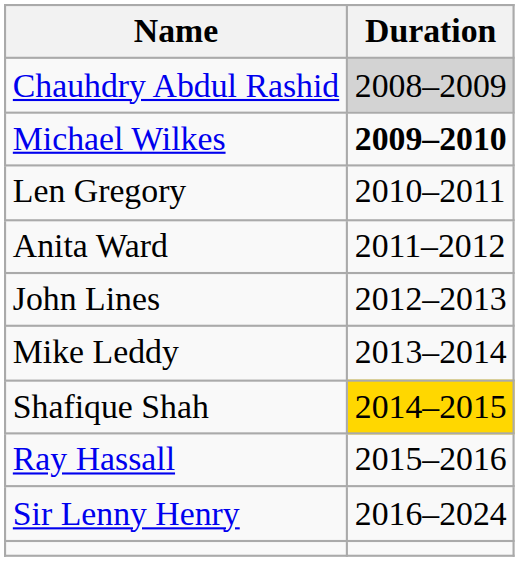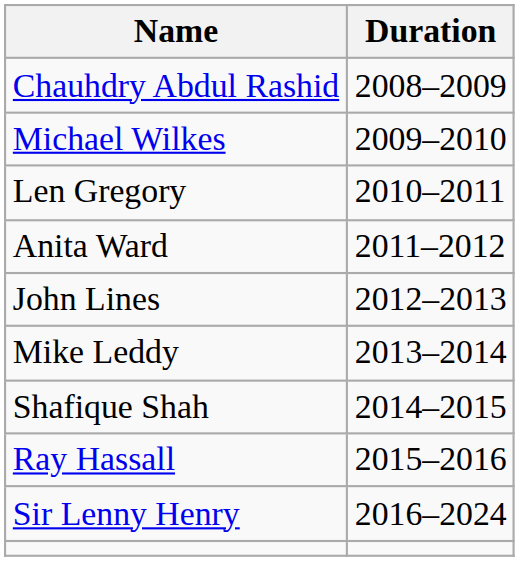 <table class="wikitable">
 <tr>
 <th>Name</th>
 <th>Duration</th>
 </tr>
 <tr>
 <td><a href='#'>Chauhdry Abdul Rashid</a></td>
-<td style="background: lightgrey;">2008–2009</td>
+<td>2008–2009</td>
 </tr>
 <tr>
 <td><a href='#'>Michael Wilkes</a></td>
-<td><strong>2009–2010</strong></td>
+<td>2009–2010</td>
 </tr>
 <tr>
 <td>Len Gregory</td>
 <td>2010–2011</td>
 </tr>
 <tr>
 <td>Anita Ward</td>
 <td>2011–2012</td>
 </tr>
 <tr>
 <td>John Lines</td>
 <td>2012–2013</td>
 </tr>
 <tr>
 <td>Mike Leddy</td>
 <td>2013–2014</td>
 </tr>
 <tr>
 <td>Shafique Shah</td>
-<td style="background: gold;">2014–2015</td>
+<td>2014–2015</td>
 </tr>
 <tr>
 <td><a href='#'>Ray Hassall</a></td>
 <td>2015–2016</td>
 </tr>
 <tr>
 <td><a href='#'>Sir Lenny Henry</a></td>
 <td>2016–2024</td>
 </tr>
 <tr>
 <td></td>
 <td></td>
 </tr>
 </table>
